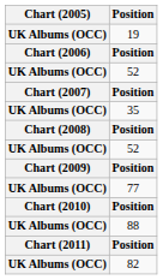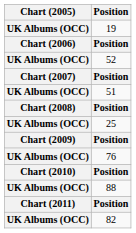 <table class="wikitable plainrowheaders">
 <tr>
 <th>Chart (2005)</th>
 <th>Position</th>
 </tr>
 <tr>
 <th scope="row">UK Albums (OCC)</th>
 <td style="text-align:center;">19</td>
 </tr>
 <tr>
 <th>Chart (2006)</th>
 <th>Position</th>
 </tr>
 <tr>
 <th scope="row">UK Albums (OCC)</th>
 <td style="text-align:center;">52</td>
 </tr>
 <tr>
 <th>Chart (2007)</th>
 <th>Position</th>
 </tr>
 <tr>
 <th scope="row">UK Albums (OCC)</th>
-<td style="text-align:center;">35</td>
+<td style="text-align:center;">51</td>
 </tr>
 <tr>
 <th>Chart (2008)</th>
 <th>Position</th>
 </tr>
 <tr>
 <th scope="row">UK Albums (OCC)</th>
-<td style="text-align:center;">52</td>
+<td style="text-align:center;">25</td>
 </tr>
 <tr>
 <th>Chart (2009)</th>
 <th>Position</th>
 </tr>
 <tr>
 <th scope="row">UK Albums (OCC)</th>
-<td style="text-align:center;">77</td>
+<td style="text-align:center;">76</td>
 </tr>
 <tr>
 <th>Chart (2010)</th>
 <th>Position</th>
 </tr>
 <tr>
 <th scope="row">UK Albums (OCC)</th>
 <td style="text-align:center;">88</td>
 </tr>
 <tr>
 <th>Chart (2011)</th>
 <th>Position</th>
 </tr>
 <tr>
 <th scope="row">UK Albums (OCC)</th>
 <td style="text-align:center;">82</td>
 </tr>
 </table>
